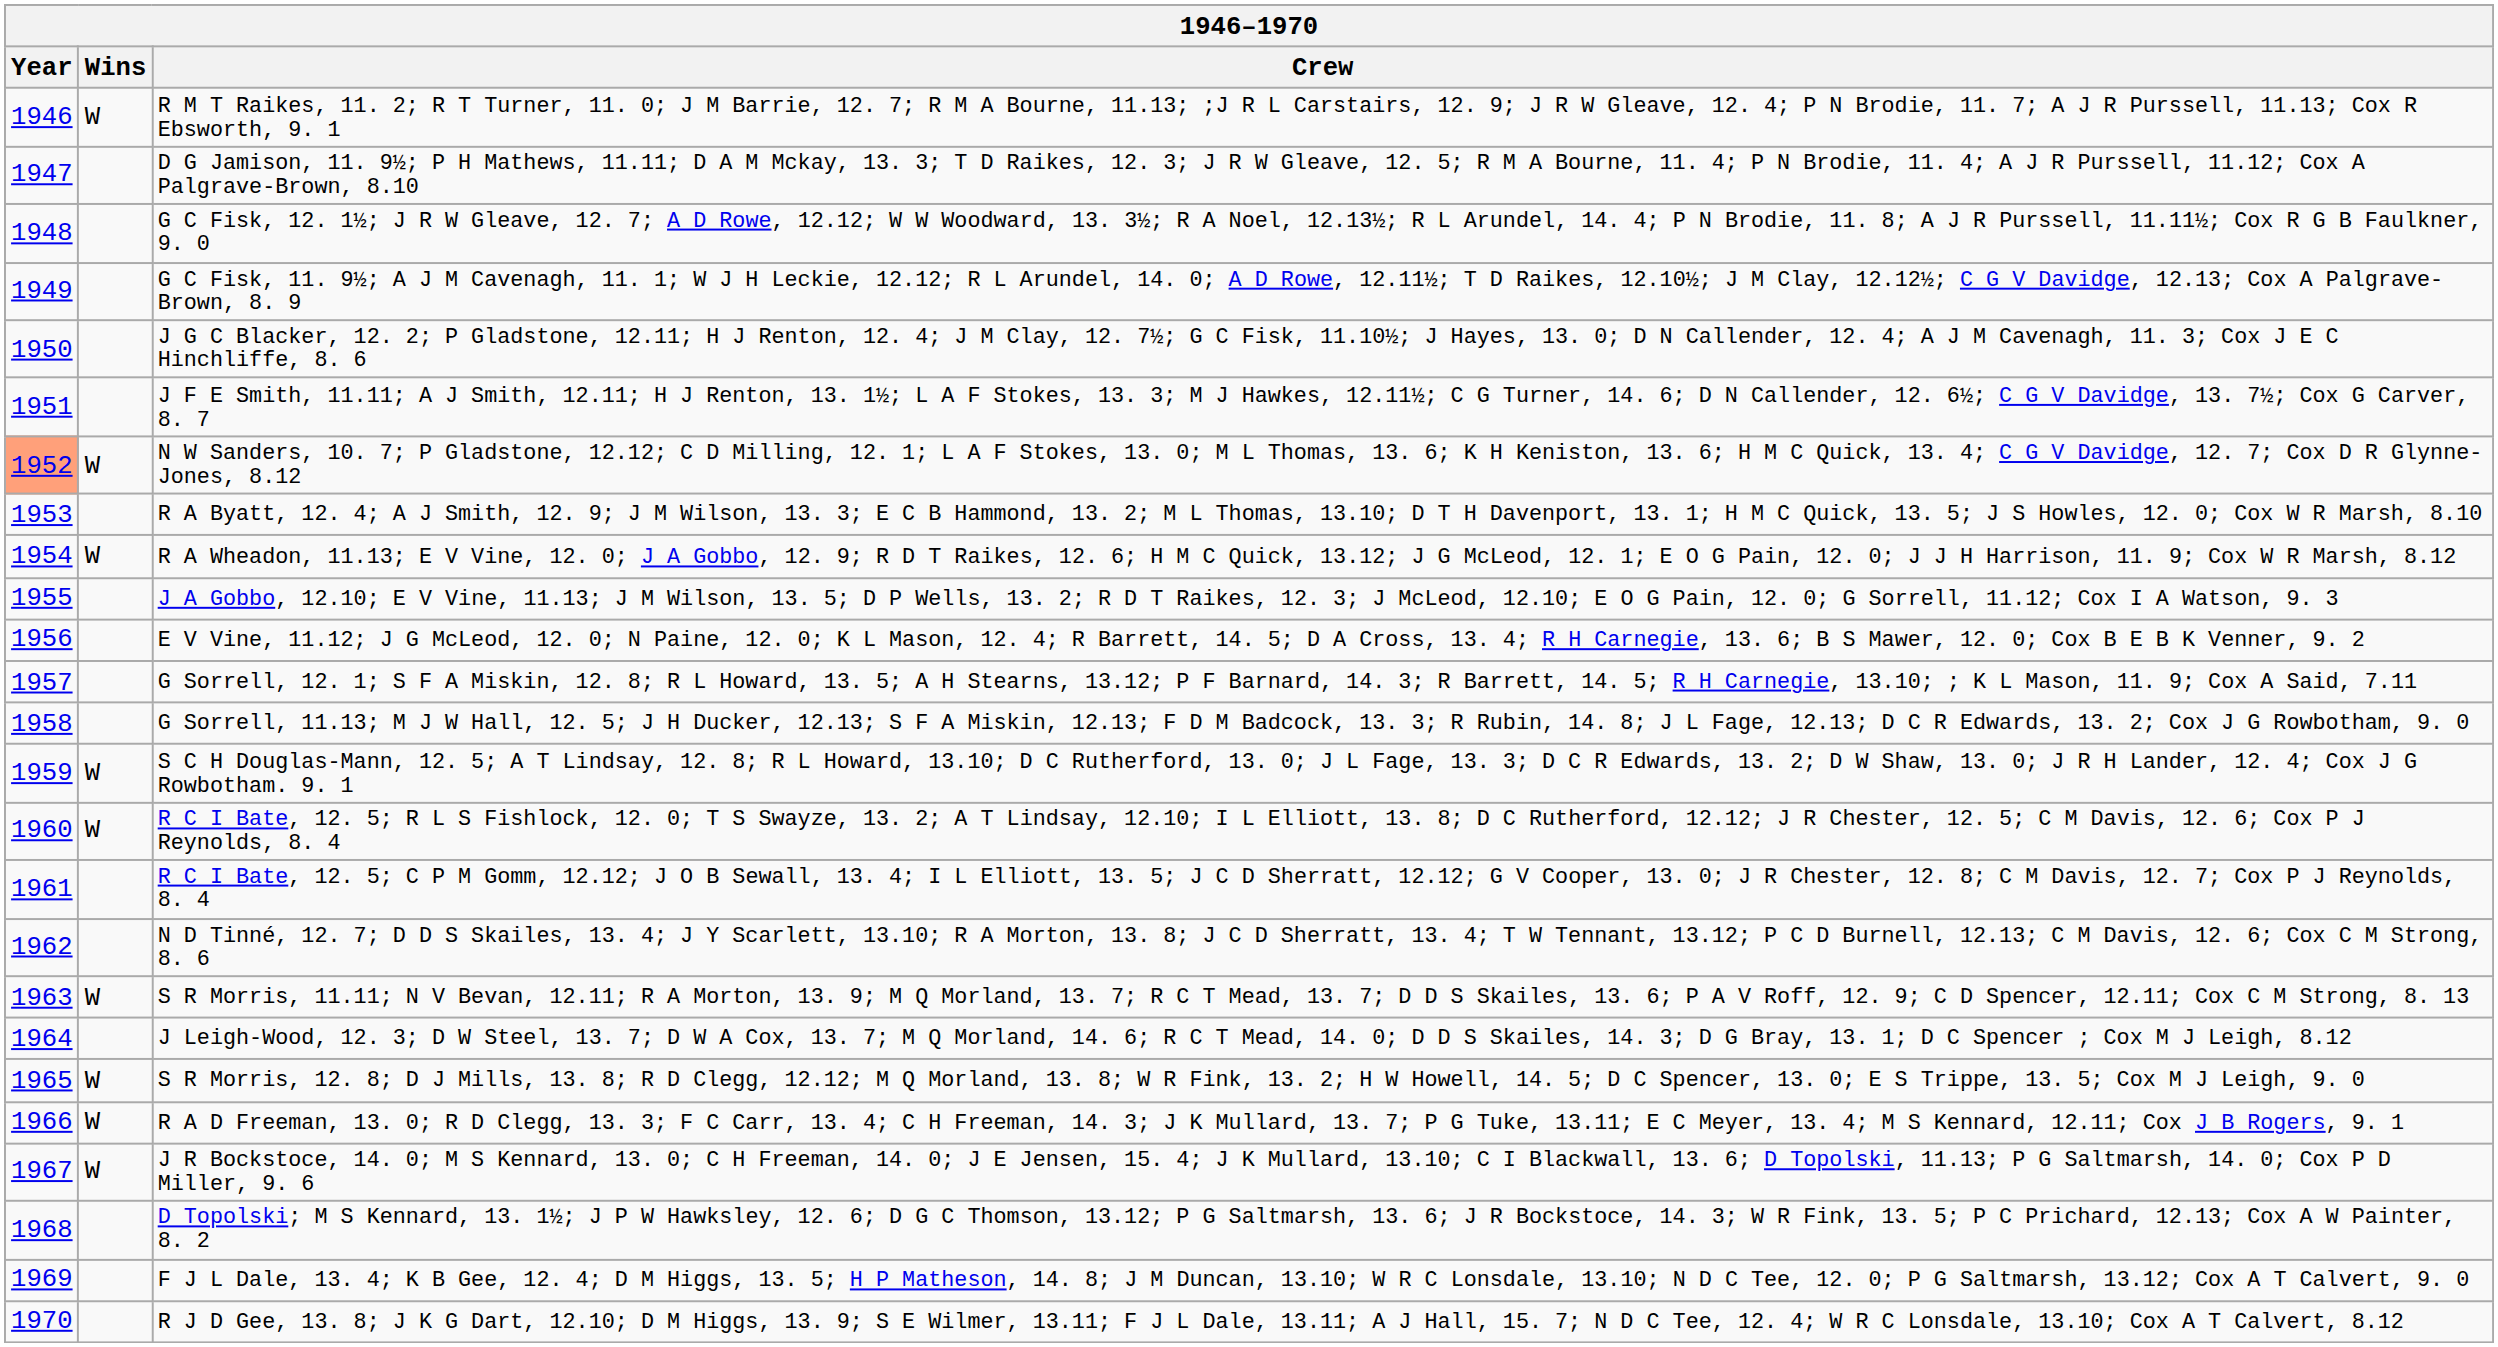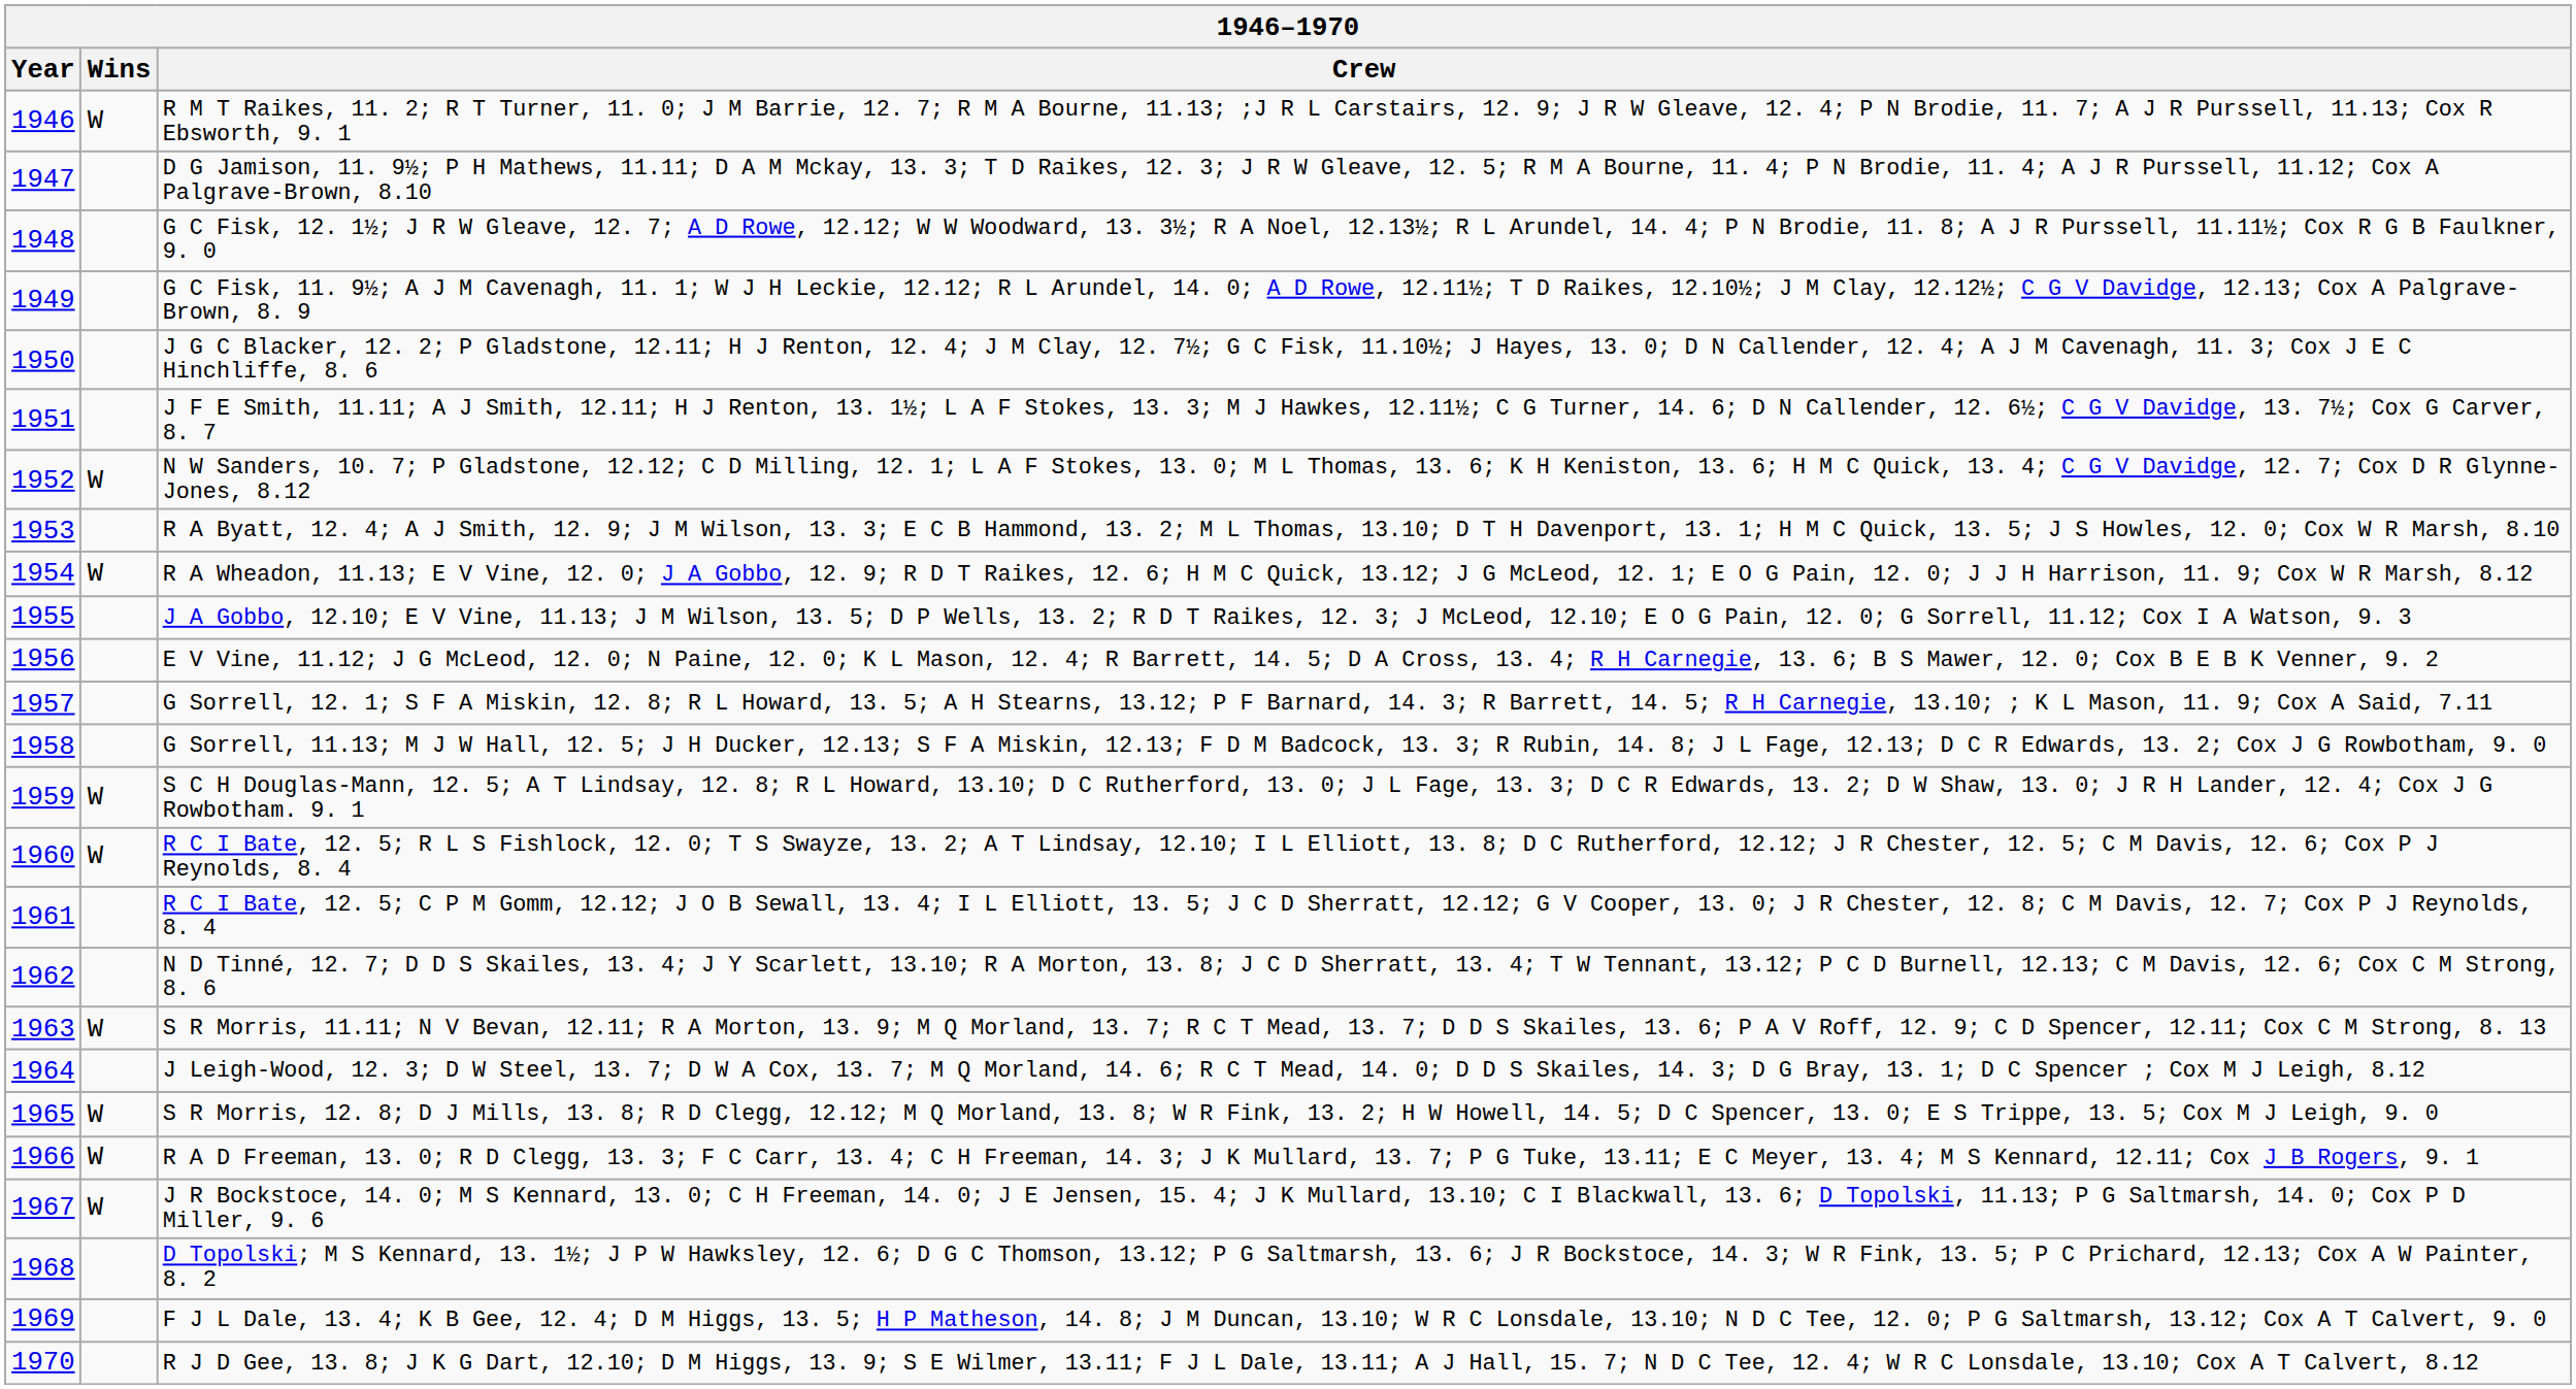 <table class="wikitable" width="100%">
 <tr>
 <th colspan=3>1946–1970</th>
 </tr>
 <tr>
 <th>Year</th>
 <th>Wins</th>
 <th>Crew</th>
 </tr>
 <tr>
 <td><a href='#'>1946</a></td>
 <td>W</td>
 <td style="font-size:85%">R M T Raikes, 11. 2; R T Turner, 11. 0; J M Barrie, 12. 7; R M A Bourne, 11.13; ;J R L Carstairs, 12. 9; J R W Gleave, 12. 4; P N Brodie, 11. 7; A J R Purssell, 11.13; Cox R Ebsworth, 9. 1</td>
 </tr>
 <tr>
 <td><a href='#'>1947</a></td>
 <td></td>
 <td style="font-size:85%">D G Jamison, 11. 9½; P H Mathews, 11.11; D A M Mckay, 13. 3; T D Raikes, 12. 3; J R W Gleave, 12. 5; R M A Bourne, 11. 4; P N Brodie, 11. 4; A J R Purssell, 11.12; Cox A Palgrave-Brown, 8.10</td>
 </tr>
 <tr>
 <td><a href='#'>1948</a></td>
 <td></td>
 <td style="font-size:85%">G C Fisk, 12. 1½; J R W Gleave, 12. 7; <a href='#'>A D Rowe</a>, 12.12; W W Woodward, 13. 3½; R A Noel, 12.13½; R L Arundel, 14. 4; P N Brodie, 11. 8; A J R Purssell, 11.11½; Cox R G B Faulkner, 9. 0</td>
 </tr>
 <tr>
 <td><a href='#'>1949</a></td>
 <td></td>
 <td style="font-size:85%">G C Fisk, 11. 9½; A J M Cavenagh, 11. 1; W J H Leckie, 12.12; R L Arundel, 14. 0; <a href='#'>A D Rowe</a>, 12.11½; T D Raikes, 12.10½; J M Clay, 12.12½; <a href='#'>C G V Davidge</a>, 12.13; Cox A Palgrave-Brown, 8. 9</td>
 </tr>
 <tr>
 <td><a href='#'>1950</a></td>
 <td></td>
 <td style="font-size:85%">J G C Blacker, 12. 2; P Gladstone, 12.11; H J Renton, 12. 4; J M Clay, 12. 7½; G C Fisk, 11.10½; J Hayes, 13. 0; D N Callender, 12. 4; A J M Cavenagh, 11. 3; Cox J E C Hinchliffe, 8. 6</td>
 </tr>
 <tr>
 <td><a href='#'>1951</a></td>
 <td></td>
 <td style="font-size:85%">J F E Smith, 11.11; A J Smith, 12.11; H J Renton, 13. 1½; L A F Stokes, 13. 3; M J Hawkes, 12.11½; C G Turner, 14. 6; D N Callender, 12. 6½; <a href='#'>C G V Davidge</a>, 13. 7½; Cox G Carver, 8. 7</td>
 </tr>
 <tr>
-<td style="background: lightsalmon;"><a href='#'>1952</a></td>
+<td><a href='#'>1952</a></td>
 <td>W</td>
 <td style="font-size:85%">N W Sanders, 10. 7; P Gladstone, 12.12; C D Milling, 12. 1; L A F Stokes, 13. 0; M L Thomas, 13. 6; K H Keniston, 13. 6; H M C Quick, 13. 4; <a href='#'>C G V Davidge</a>, 12. 7; Cox D R Glynne-Jones, 8.12</td>
 </tr>
 <tr>
 <td><a href='#'>1953</a></td>
 <td></td>
 <td style="font-size:85%">R A Byatt, 12. 4; A J Smith, 12. 9; J M Wilson, 13. 3; E C B Hammond, 13. 2; M L Thomas, 13.10; D T H Davenport, 13. 1; H M C Quick, 13. 5; J S Howles, 12. 0; Cox W R Marsh, 8.10</td>
 </tr>
 <tr>
 <td><a href='#'>1954</a></td>
 <td>W</td>
 <td style="font-size:85%">R A Wheadon, 11.13; E V Vine, 12. 0; <a href='#'>J A Gobbo</a>, 12. 9; R D T Raikes, 12. 6; H M C Quick, 13.12; J G McLeod, 12. 1; E O G Pain, 12. 0; J J H Harrison, 11. 9; Cox W R Marsh, 8.12</td>
 </tr>
 <tr>
 <td><a href='#'>1955</a></td>
 <td></td>
 <td style="font-size:85%"><a href='#'>J A Gobbo</a>, 12.10; E V Vine, 11.13; J M Wilson, 13. 5; D P Wells, 13. 2; R D T Raikes, 12. 3; J McLeod, 12.10; E O G Pain, 12. 0; G Sorrell, 11.12; Cox I A Watson, 9. 3</td>
 </tr>
 <tr>
 <td><a href='#'>1956</a></td>
 <td></td>
 <td style="font-size:85%">E V Vine, 11.12; J G McLeod, 12. 0; N Paine, 12. 0; K L Mason, 12. 4; R Barrett, 14. 5; D A Cross, 13. 4; <a href='#'>R H Carnegie</a>, 13. 6; B S Mawer, 12. 0; Cox B E B K Venner, 9. 2</td>
 </tr>
 <tr>
 <td><a href='#'>1957</a></td>
 <td></td>
 <td style="font-size:85%">G Sorrell, 12. 1; S F A Miskin, 12. 8; R L Howard, 13. 5; A H Stearns, 13.12; P F Barnard, 14. 3; R Barrett, 14. 5; <a href='#'>R H Carnegie</a>, 13.10; ; K L Mason, 11. 9; Cox A Said, 7.11</td>
 </tr>
 <tr>
 <td><a href='#'>1958</a></td>
 <td></td>
 <td style="font-size:85%">G Sorrell, 11.13; M J W Hall, 12. 5; J H Ducker, 12.13; S F A Miskin, 12.13; F D M Badcock, 13. 3; R Rubin, 14. 8; J L Fage, 12.13; D C R Edwards, 13. 2; Cox J G Rowbotham, 9. 0</td>
 </tr>
 <tr>
 <td><a href='#'>1959</a></td>
 <td>W</td>
 <td style="font-size:85%">S C H Douglas-Mann, 12. 5; A T Lindsay, 12. 8; R L Howard, 13.10; D C Rutherford, 13. 0; J L Fage, 13. 3; D C R Edwards, 13. 2; D W Shaw, 13. 0; J R H Lander, 12. 4; Cox J G Rowbotham. 9. 1</td>
 </tr>
 <tr>
 <td><a href='#'>1960</a></td>
 <td>W</td>
 <td style="font-size:85%"><a href='#'>R C I Bate</a>, 12. 5; R L S Fishlock, 12. 0; T S Swayze, 13. 2; A T Lindsay, 12.10; I L Elliott, 13. 8; D C Rutherford, 12.12; J R Chester, 12. 5; C M Davis, 12. 6; Cox P J Reynolds, 8. 4</td>
 </tr>
 <tr>
 <td><a href='#'>1961</a></td>
 <td></td>
 <td style="font-size:85%"><a href='#'>R C I Bate</a>, 12. 5; C P M Gomm, 12.12; J O B Sewall, 13. 4; I L Elliott, 13. 5; J C D Sherratt, 12.12; G V Cooper, 13. 0; J R Chester, 12. 8; C M Davis, 12. 7; Cox P J Reynolds, 8. 4</td>
 </tr>
 <tr>
 <td><a href='#'>1962</a></td>
 <td></td>
 <td style="font-size:85%">N D Tinné, 12. 7; D D S Skailes, 13. 4; J Y Scarlett, 13.10; R A Morton, 13. 8; J C D Sherratt, 13. 4; T W Tennant, 13.12; P C D Burnell, 12.13; C M Davis, 12. 6; Cox C M Strong, 8. 6</td>
 </tr>
 <tr>
 <td><a href='#'>1963</a></td>
 <td>W</td>
 <td style="font-size:85%">S R Morris, 11.11; N V Bevan, 12.11; R A Morton, 13. 9; M Q Morland, 13. 7; R C T Mead, 13. 7; D D S Skailes, 13. 6; P A V Roff, 12. 9; C D Spencer, 12.11; Cox C M Strong, 8. 13</td>
 </tr>
 <tr>
 <td><a href='#'>1964</a></td>
 <td></td>
 <td style="font-size:85%">J Leigh-Wood, 12. 3; D W Steel, 13. 7; D W A Cox, 13. 7; M Q Morland, 14. 6; R C T Mead, 14. 0; D D S Skailes, 14. 3; D G Bray, 13. 1; D C Spencer ; Cox M J Leigh, 8.12</td>
 </tr>
 <tr>
 <td><a href='#'>1965</a></td>
 <td>W</td>
 <td style="font-size:85%">S R Morris, 12. 8; D J Mills, 13. 8; R D Clegg, 12.12; M Q Morland, 13. 8; W R Fink, 13. 2; H W Howell, 14. 5; D C Spencer, 13. 0; E S Trippe, 13. 5; Cox M J Leigh, 9. 0</td>
 </tr>
 <tr>
 <td><a href='#'>1966</a></td>
 <td>W</td>
 <td style="font-size:85%">R A D Freeman, 13. 0; R D Clegg, 13. 3; F C Carr, 13. 4; C H Freeman, 14. 3; J K Mullard, 13. 7; P G Tuke, 13.11; E C Meyer, 13. 4; M S Kennard, 12.11; Cox <a href='#'>J B Rogers</a>, 9. 1</td>
 </tr>
 <tr>
 <td><a href='#'>1967</a></td>
 <td>W</td>
 <td style="font-size:85%">J R Bockstoce, 14. 0; M S Kennard, 13. 0; C H Freeman, 14. 0; J E Jensen, 15. 4; J K Mullard, 13.10; C I Blackwall, 13. 6; <a href='#'>D Topolski</a>, 11.13; P G Saltmarsh, 14. 0; Cox P D Miller, 9. 6</td>
 </tr>
 <tr>
 <td><a href='#'>1968</a></td>
 <td></td>
 <td style="font-size:85%"><a href='#'>D Topolski</a>; M S Kennard, 13. 1½; J P W Hawksley, 12. 6; D G C Thomson, 13.12; P G Saltmarsh, 13. 6; J R Bockstoce, 14. 3; W R Fink, 13. 5; P C Prichard, 12.13; Cox A W Painter, 8. 2</td>
 </tr>
 <tr>
 <td><a href='#'>1969</a></td>
 <td></td>
 <td style="font-size:85%">F J L Dale, 13. 4; K B Gee, 12. 4; D M Higgs, 13. 5; <a href='#'>H P Matheson</a>, 14. 8; J M Duncan, 13.10; W R C Lonsdale, 13.10; N D C Tee, 12. 0; P G Saltmarsh, 13.12; Cox A T Calvert, 9. 0</td>
 </tr>
 <tr>
 <td><a href='#'>1970</a></td>
 <td></td>
 <td style="font-size:85%">R J D Gee, 13. 8; J K G Dart, 12.10; D M Higgs, 13. 9; S E Wilmer, 13.11; F J L Dale, 13.11; A J Hall, 15. 7; N D C Tee, 12. 4; W R C Lonsdale, 13.10; Cox A T Calvert, 8.12</td>
 </tr>
 <tr>
 </tr>
 </table>
